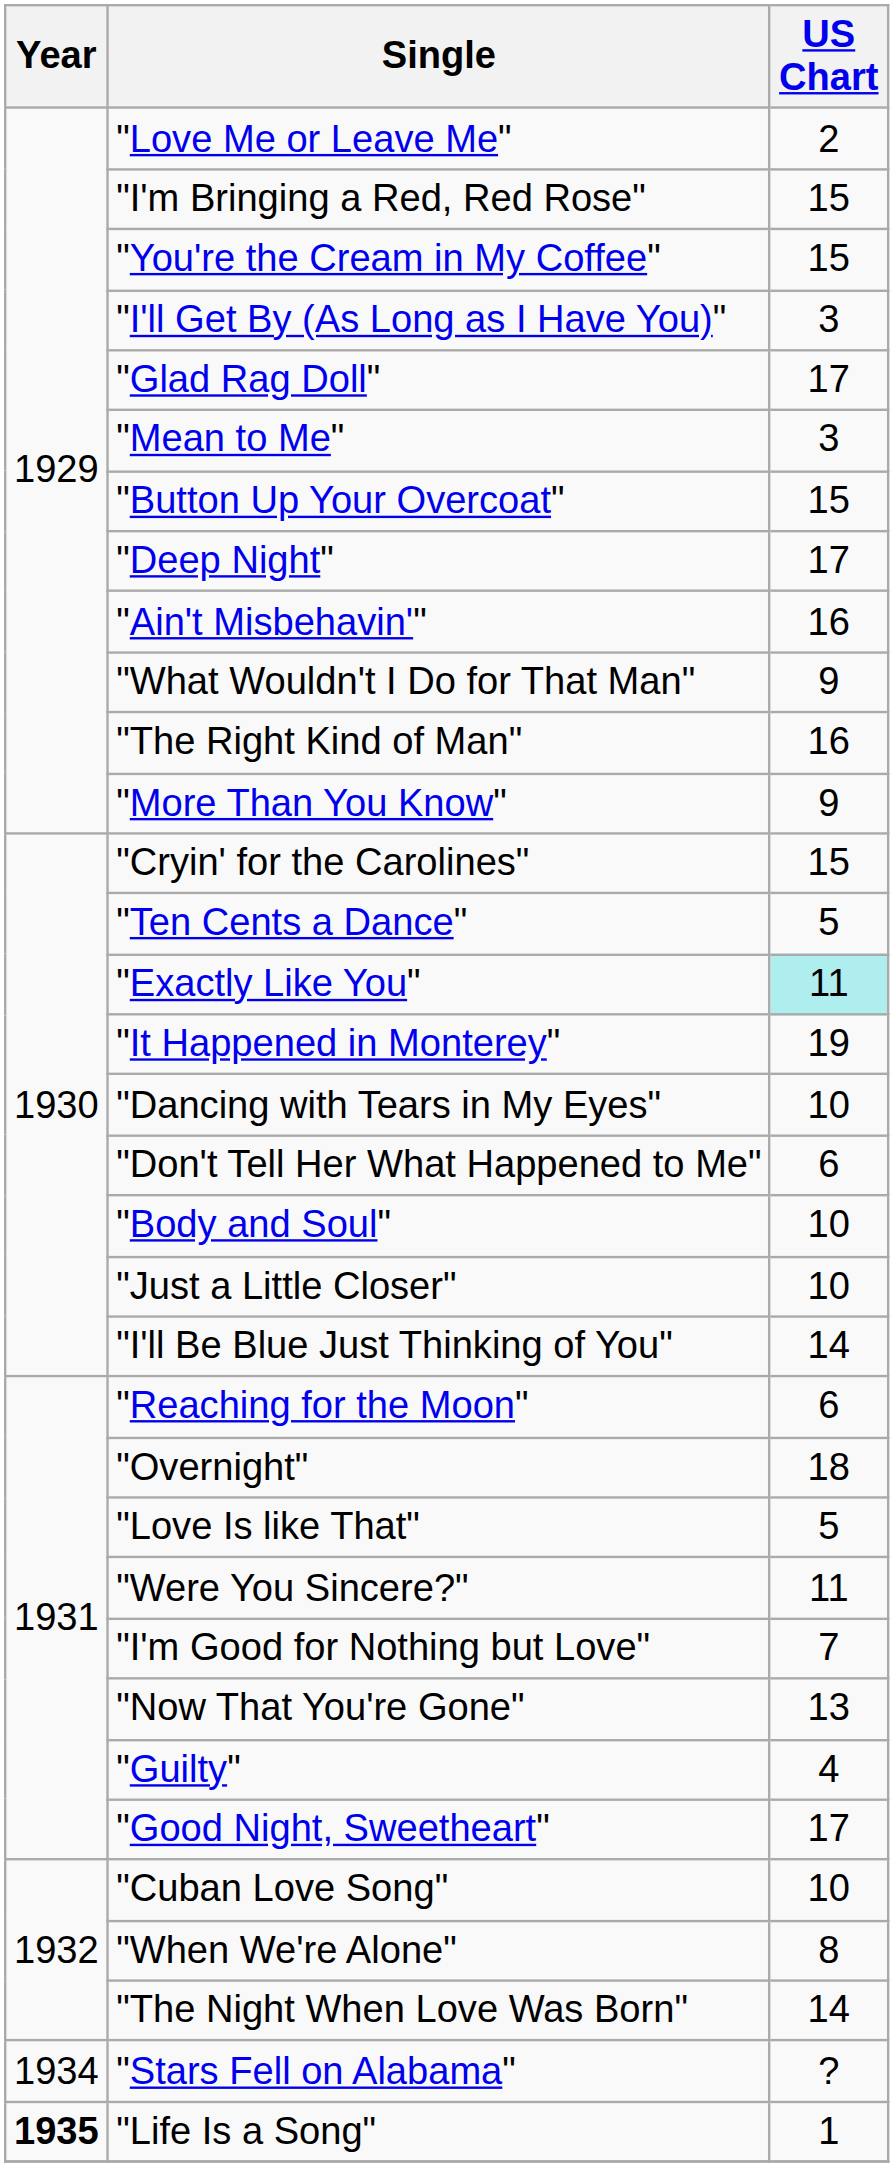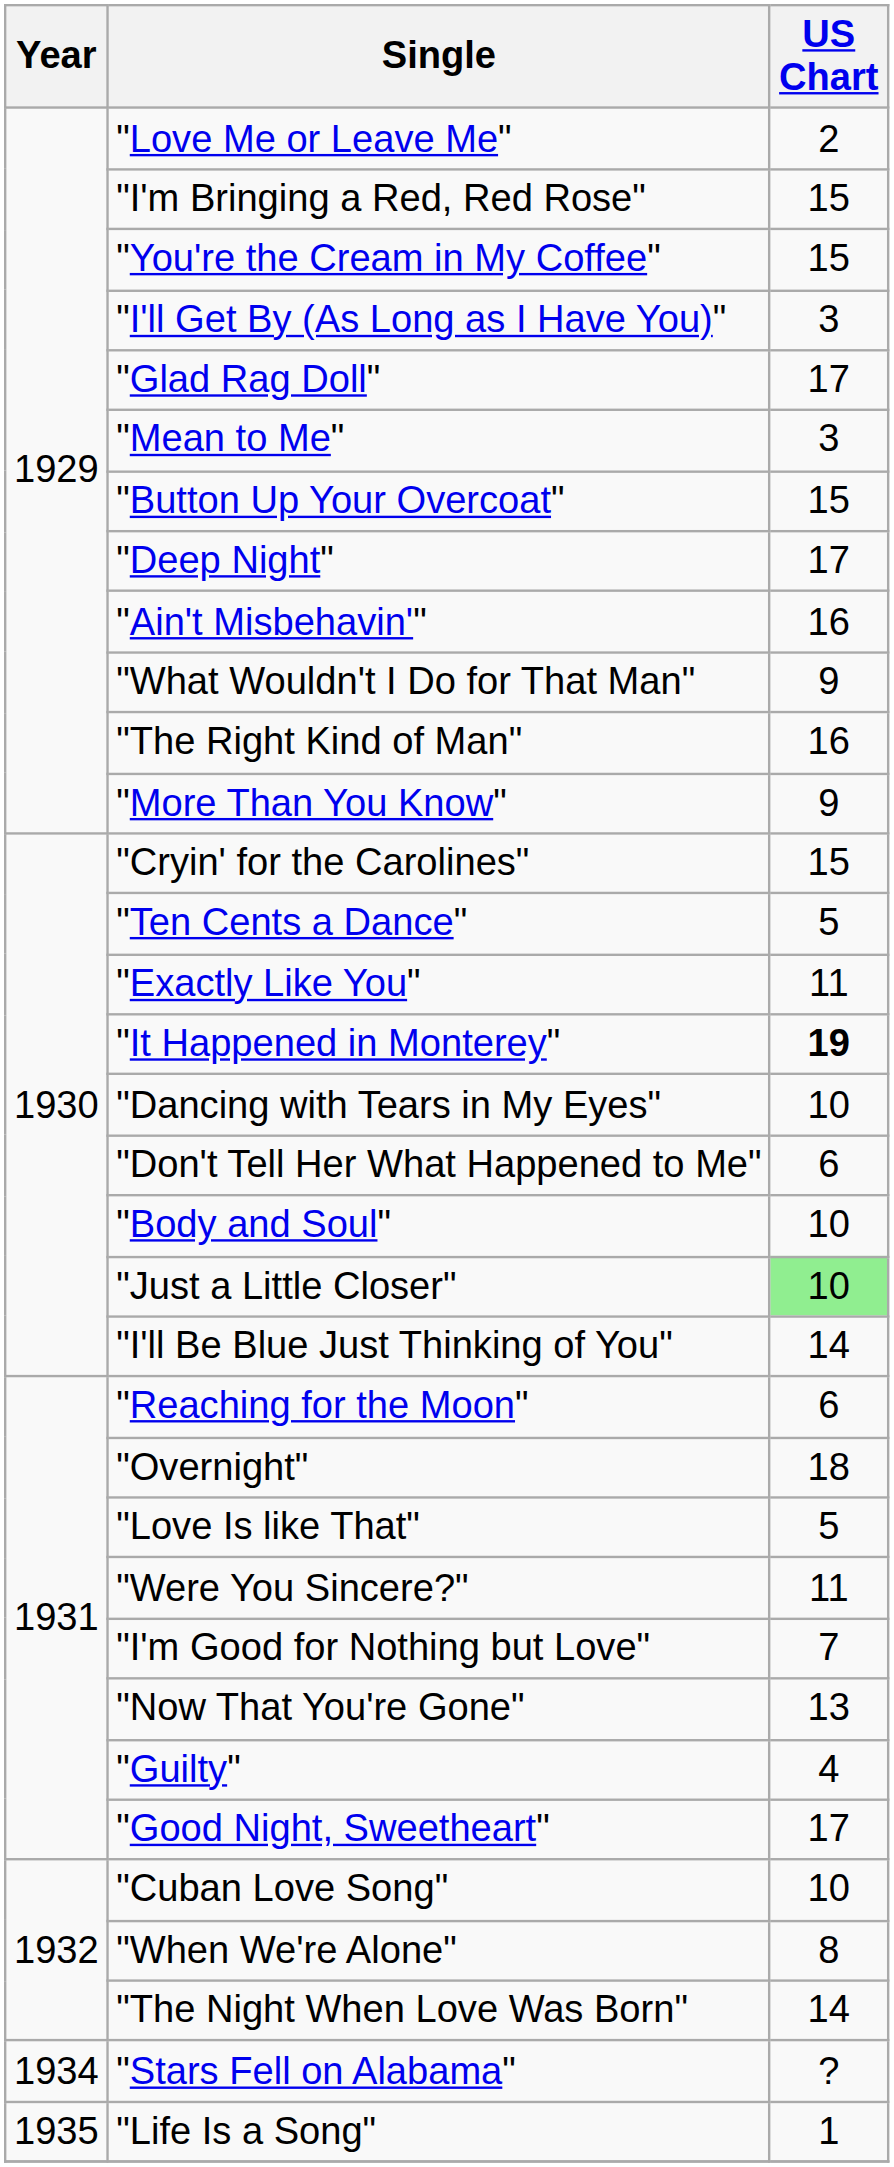 <table class="wikitable">
 <tr>
 <th>Year</th>
 <th>Single</th>
 <th><a href='#'>US<br>Chart</a></th>
 </tr>
 <tr>
 <td rowspan="12">1929</td>
 <td>"<a href='#'>Love Me or Leave Me</a>"</td>
 <td align="center">2</td>
 </tr>
 <tr>
 <td>"I'm Bringing a Red, Red Rose"</td>
 <td align="center">15</td>
 </tr>
 <tr>
 <td>"<a href='#'>You're the Cream in My Coffee</a>"</td>
 <td align="center">15</td>
 </tr>
 <tr>
 <td>"<a href='#'>I'll Get By (As Long as I Have You)</a>"</td>
 <td align="center">3</td>
 </tr>
 <tr>
 <td>"<a href='#'>Glad Rag Doll</a>"</td>
 <td align="center">17</td>
 </tr>
 <tr>
 <td>"<a href='#'>Mean to Me</a>"</td>
 <td align="center">3</td>
 </tr>
 <tr>
 <td>"<a href='#'>Button Up Your Overcoat</a>"</td>
 <td align="center">15</td>
 </tr>
 <tr>
 <td>"<a href='#'>Deep Night</a>"</td>
 <td align="center">17</td>
 </tr>
 <tr>
 <td>"<a href='#'>Ain't Misbehavin'</a>"</td>
 <td align="center">16</td>
 </tr>
 <tr>
 <td>"What Wouldn't I Do for That Man"</td>
 <td align="center">9</td>
 </tr>
 <tr>
 <td>"The Right Kind of Man"</td>
 <td align="center">16</td>
 </tr>
 <tr>
 <td>"<a href='#'>More Than You Know</a>"</td>
 <td align="center">9</td>
 </tr>
 <tr>
 <td rowspan="9">1930</td>
 <td>"Cryin' for the Carolines"</td>
 <td align="center">15</td>
 </tr>
 <tr>
 <td>"<a href='#'>Ten Cents a Dance</a>"</td>
 <td align="center">5</td>
 </tr>
 <tr>
 <td>"<a href='#'>Exactly Like You</a>"</td>
-<td align="center" style="background: paleturquoise;">11</td>
+<td align="center">11</td>
 </tr>
 <tr>
 <td>"<a href='#'>It Happened in Monterey</a>"</td>
-<td align="center">19</td>
+<td align="center"><strong>19</strong></td>
 </tr>
 <tr>
 <td>"Dancing with Tears in My Eyes"</td>
 <td align="center">10</td>
 </tr>
 <tr>
 <td>"Don't Tell Her What Happened to Me"</td>
 <td align="center">6</td>
 </tr>
 <tr>
 <td>"<a href='#'>Body and Soul</a>"</td>
 <td align="center">10</td>
 </tr>
 <tr>
 <td>"Just a Little Closer"</td>
-<td align="center">10</td>
+<td align="center" style="background: lightgreen;">10</td>
 </tr>
 <tr>
 <td>"I'll Be Blue Just Thinking of You"</td>
 <td align="center">14</td>
 </tr>
 <tr>
 <td rowspan="8">1931</td>
 <td>"<a href='#'>Reaching for the Moon</a>"</td>
 <td align="center">6</td>
 </tr>
 <tr>
 <td>"Overnight"</td>
 <td align="center">18</td>
 </tr>
 <tr>
 <td>"Love Is like That"</td>
 <td align="center">5</td>
 </tr>
 <tr>
 <td>"Were You Sincere?"</td>
 <td align="center">11</td>
 </tr>
 <tr>
 <td>"I'm Good for Nothing but Love"</td>
 <td align="center">7</td>
 </tr>
 <tr>
 <td>"Now That You're Gone"</td>
 <td align="center">13</td>
 </tr>
 <tr>
 <td>"<a href='#'>Guilty</a>"</td>
 <td align="center">4</td>
 </tr>
 <tr>
 <td>"<a href='#'>Good Night, Sweetheart</a>"</td>
 <td align="center">17</td>
 </tr>
 <tr>
 <td rowspan="3">1932</td>
 <td>"Cuban Love Song"</td>
 <td align="center">10</td>
 </tr>
 <tr>
 <td>"When We're Alone"</td>
 <td align="center">8</td>
 </tr>
 <tr>
 <td>"The Night When Love Was Born"</td>
 <td align="center">14</td>
 </tr>
 <tr>
 <td>1934</td>
 <td>"<a href='#'>Stars Fell on Alabama</a>"</td>
 <td align="center">?</td>
 </tr>
 <tr>
-<td><strong>1935</strong></td>
+<td>1935</td>
 <td>"Life Is a Song"</td>
 <td align="center">1</td>
 </tr>
 <tr>
 </tr>
 </table>
